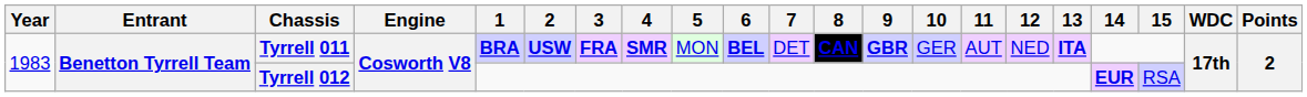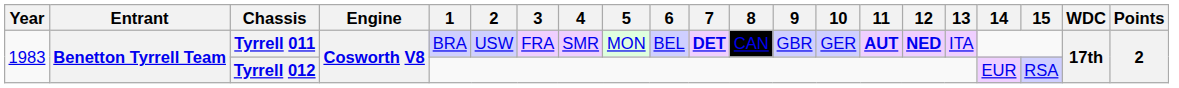 <table class="wikitable" style="text-align:center; font-size:85%">
 <tr>
 <th>Year</th>
 <th>Entrant</th>
 <th>Chassis</th>
 <th>Engine</th>
 <th>1</th>
 <th>2</th>
 <th>3</th>
 <th>4</th>
 <th>5</th>
 <th>6</th>
 <th>7</th>
 <th>8</th>
 <th>9</th>
 <th>10</th>
 <th>11</th>
 <th>12</th>
 <th>13</th>
 <th>14</th>
 <th>15</th>
 <th>WDC</th>
 <th>Points</th>
 </tr>
 <tr>
 <td rowspan=2><a href='#'>1983</a></td>
 <th rowspan=2 nowrap><a href='#'>Benetton Tyrrell Team</a></th>
 <th nowrap><a href='#'>Tyrrell</a> <a href='#'>011</a></th>
 <th rowspan=2 nowrap><a href='#'>Cosworth</a> <a href='#'>V8</a></th>
-<td style="background:#CFCFFF;"><strong><a href='#'>BRA</a><br></strong></td>
-<td style="background:#CFCFFF;"><strong><a href='#'>USW</a><br></strong></td>
-<td style="background:#EFCFFF;"><strong><a href='#'>FRA</a><br></strong></td>
-<td style="background:#EFCFFF;"><strong><a href='#'>SMR</a><br></strong></td>
+<td style="background:#CFCFFF;"><a href='#'>BRA</a><br></td>
+<td style="background:#CFCFFF;"><a href='#'>USW</a><br></td>
+<td style="background:#EFCFFF;"><a href='#'>FRA</a><br></td>
+<td style="background:#EFCFFF;"><a href='#'>SMR</a><br></td>
 <td style="background:#DFFFDF;"><a href='#'>MON</a><br></td>
-<td style="background:#CFCFFF;"><strong><a href='#'>BEL</a><br></strong></td>
-<td style="background:#EFCFFF;"><a href='#'>DET</a><br></td>
-<td style="background:#000000; color:#ffffff"><strong><a href='#'><span>CAN</span></a><br></strong></td>
-<td style="background:#CFCFFF;"><strong><a href='#'>GBR</a><br></strong></td>
+<td style="background:#CFCFFF;"><a href='#'>BEL</a><br></td>
+<td style="background:#EFCFFF;"><strong><a href='#'>DET</a><br></strong></td>
+<td style="background:#000000; color:#ffffff"><a href='#'><span>CAN</span></a><br></td>
+<td style="background:#CFCFFF;"><a href='#'>GBR</a><br></td>
 <td style="background:#CFCFFF;"><a href='#'>GER</a><br></td>
-<td style="background:#EFCFFF;"><a href='#'>AUT</a><br></td>
-<td style="background:#EFCFFF;"><a href='#'>NED</a><br></td>
-<td style="background:#EFCFFF;"><strong><a href='#'>ITA</a><br></strong></td>
+<td style="background:#EFCFFF;"><strong><a href='#'>AUT</a><br></strong></td>
+<td style="background:#EFCFFF;"><strong><a href='#'>NED</a><br></strong></td>
+<td style="background:#EFCFFF;"><a href='#'>ITA</a><br></td>
 <td colspan=2></td>
 <th rowspan=2>17th</th>
 <th rowspan=2>2</th>
 </tr>
 <tr>
 <th nowrap><a href='#'>Tyrrell</a> <a href='#'>012</a></th>
 <td colspan=13></td>
-<td style="background:#EFCFFF;"><strong><a href='#'>EUR</a><br></strong></td>
+<td style="background:#EFCFFF;"><a href='#'>EUR</a><br></td>
 <td style="background:#CFCFFF;"><a href='#'>RSA</a><br></td>
 </tr>
 </table>
